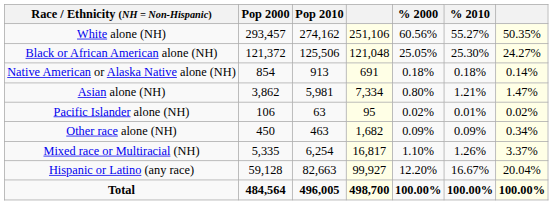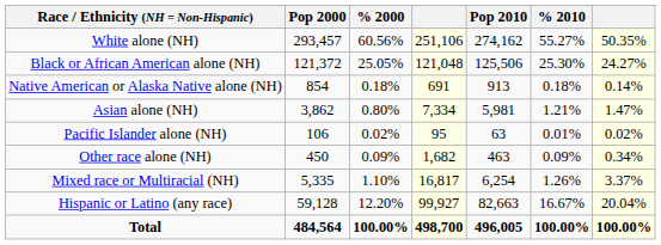 <table class="wikitable" style="text-align:center;">
 <tr>
 <th>Race / Ethnicity <small>(<em>NH = Non-Hispanic</em>)</small></th>
 <th>Pop 2000</th>
+<th>% 2000</th>
+<th></th>
 <th>Pop 2010</th>
-<th></th>
-<th>% 2000</th>
 <th>% 2010</th>
 <th></th>
 </tr>
 <tr>
 <td><a href='#'>White</a> alone (NH)</td>
 <td>293,457</td>
+<td>60.56%</td>
+<td style='background: #ffffe6;'>251,106</td>
 <td>274,162</td>
-<td style='background: #ffffe6;'>251,106</td>
-<td>60.56%</td>
 <td>55.27%</td>
 <td style='background: #ffffe6;'>50.35%</td>
 </tr>
 <tr>
 <td><a href='#'>Black or African American</a> alone (NH)</td>
 <td>121,372</td>
+<td>25.05%</td>
+<td style='background: #ffffe6;'>121,048</td>
 <td>125,506</td>
-<td style='background: #ffffe6;'>121,048</td>
-<td>25.05%</td>
 <td>25.30%</td>
 <td style='background: #ffffe6;'>24.27%</td>
 </tr>
 <tr>
 <td><a href='#'>Native American</a> or <a href='#'>Alaska Native</a> alone (NH)</td>
 <td>854</td>
+<td>0.18%</td>
+<td style='background: #ffffe6;'>691</td>
 <td>913</td>
-<td style='background: #ffffe6;'>691</td>
-<td>0.18%</td>
 <td>0.18%</td>
 <td style='background: #ffffe6;'>0.14%</td>
 </tr>
 <tr>
 <td><a href='#'>Asian</a> alone (NH)</td>
 <td>3,862</td>
+<td>0.80%</td>
+<td style='background: #ffffe6;'>7,334</td>
 <td>5,981</td>
-<td style='background: #ffffe6;'>7,334</td>
-<td>0.80%</td>
 <td>1.21%</td>
 <td style='background: #ffffe6;'>1.47%</td>
 </tr>
 <tr>
 <td><a href='#'>Pacific Islander</a> alone (NH)</td>
 <td>106</td>
+<td>0.02%</td>
+<td style='background: #ffffe6;'>95</td>
 <td>63</td>
-<td style='background: #ffffe6;'>95</td>
-<td>0.02%</td>
 <td>0.01%</td>
 <td style='background: #ffffe6;'>0.02%</td>
 </tr>
 <tr>
 <td><a href='#'>Other race</a> alone (NH)</td>
 <td>450</td>
+<td>0.09%</td>
+<td style='background: #ffffe6;'>1,682</td>
 <td>463</td>
-<td style='background: #ffffe6;'>1,682</td>
-<td>0.09%</td>
 <td>0.09%</td>
 <td style='background: #ffffe6;'>0.34%</td>
 </tr>
 <tr>
 <td><a href='#'>Mixed race or Multiracial</a> (NH)</td>
 <td>5,335</td>
+<td>1.10%</td>
+<td style='background: #ffffe6;'>16,817</td>
 <td>6,254</td>
-<td style='background: #ffffe6;'>16,817</td>
-<td>1.10%</td>
 <td>1.26%</td>
 <td style='background: #ffffe6;'>3.37%</td>
 </tr>
 <tr>
 <td><a href='#'>Hispanic or Latino</a> (any race)</td>
 <td>59,128</td>
+<td>12.20%</td>
+<td style='background: #ffffe6;'>99,927</td>
 <td>82,663</td>
-<td style='background: #ffffe6;'>99,927</td>
-<td>12.20%</td>
 <td>16.67%</td>
 <td style='background: #ffffe6;'>20.04%</td>
 </tr>
 <tr>
 <td><strong>Total</strong></td>
 <td><strong>484,564</strong></td>
+<td><strong>100.00%</strong></td>
+<td style='background: #ffffe6;'><strong>498,700</strong></td>
 <td><strong>496,005</strong></td>
-<td style='background: #ffffe6;'><strong>498,700</strong></td>
-<td><strong>100.00%</strong></td>
 <td><strong>100.00%</strong></td>
 <td style='background: #ffffe6;'><strong>100.00%</strong></td>
 </tr>
 </table>
